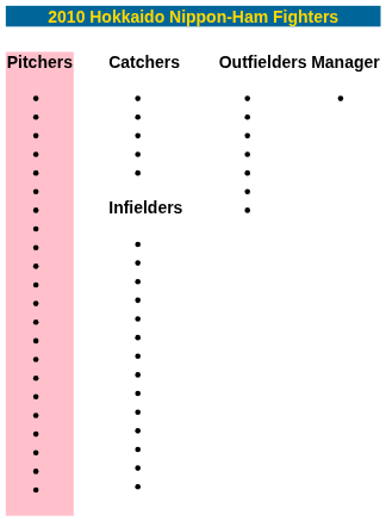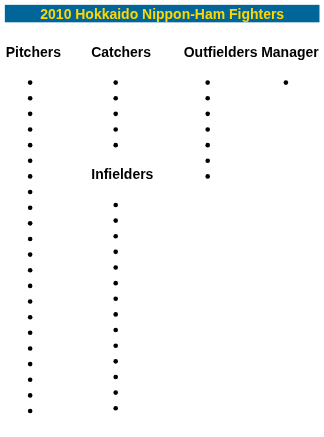 <table class="toccolours" style="font-size: 95%;">
 <tr>
 <th colspan="10" style="background-color: #006699; color: gold; text-align: center;">2010 Hokkaido Nippon-Ham Fighters</th>
 </tr>
 <tr>
 <td colspan="10" style="background-color: #black; color: white; text-align: center;"><strong>Roster</strong></td>
 </tr>
 <tr>
-<td valign="top" style="background: pink;"><strong>Pitchers</strong><br><ul><li></li><li></li><li></li><li></li><li></li><li></li><li></li><li></li><li></li><li></li><li></li><li></li><li></li><li></li><li></li><li></li><li></li><li></li><li></li><li></li><li></li><li></li></ul></td>
+<td valign="top"><strong>Pitchers</strong><br><ul><li></li><li></li><li></li><li></li><li></li><li></li><li></li><li></li><li></li><li></li><li></li><li></li><li></li><li></li><li></li><li></li><li></li><li></li><li></li><li></li><li></li><li></li></ul></td>
 <td width="25px"></td>
 <td valign="top"><strong>Catchers</strong><br><ul><li></li><li></li><li></li><li></li><li></li></ul><strong>Infielders</strong><ul><li></li><li></li><li></li><li></li><li></li><li></li><li></li><li></li><li></li><li></li><li></li><li></li><li></li><li></li></ul></td>
 <td width="25px"></td>
 <td valign="top"><strong>Outfielders</strong><br><ul><li></li><li></li><li></li><li></li><li></li><li></li><li></li></ul></td>
 <td valign="top"><strong>Manager</strong><br><ul><li></li></ul></td>
 </tr>
 </table>
